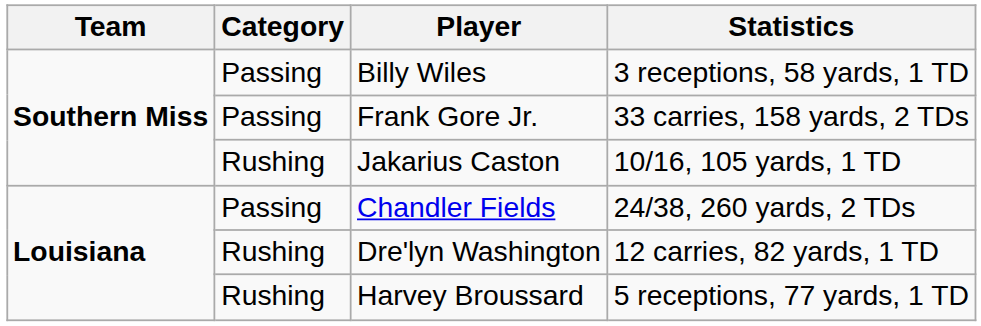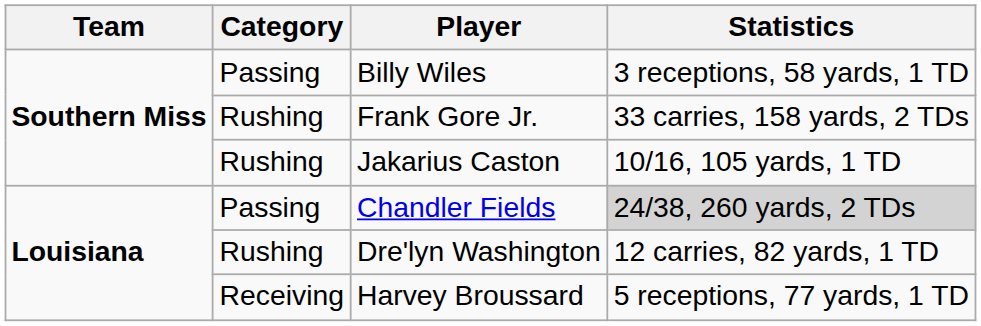 <table class="wikitable" style="float: right;">
 <tr>
 <th>Team</th>
 <th>Category</th>
 <th>Player</th>
 <th>Statistics</th>
 </tr>
 <tr>
 <td rowspan=3><strong>Southern Miss</strong></td>
 <td>Passing</td>
 <td>Billy Wiles</td>
 <td>3 receptions, 58 yards, 1 TD</td>
 </tr>
 <tr>
-<td>Passing</td>
+<td>Rushing</td>
 <td>Frank Gore Jr.</td>
 <td>33 carries, 158 yards, 2 TDs</td>
 </tr>
 <tr>
 <td>Rushing</td>
 <td>Jakarius Caston</td>
 <td>10/16, 105 yards, 1 TD</td>
 </tr>
 <tr>
 <td rowspan=3><strong>Louisiana</strong></td>
 <td>Passing</td>
 <td><a href='#'>Chandler Fields</a></td>
-<td>24/38, 260 yards, 2 TDs</td>
+<td style="background: lightgrey;">24/38, 260 yards, 2 TDs</td>
 </tr>
 <tr>
 <td>Rushing</td>
 <td>Dre'lyn Washington</td>
 <td>12 carries, 82 yards, 1 TD</td>
 </tr>
 <tr>
-<td>Rushing</td>
+<td>Receiving</td>
 <td>Harvey Broussard</td>
 <td>5 receptions, 77 yards, 1 TD</td>
 </tr>
 </table>
